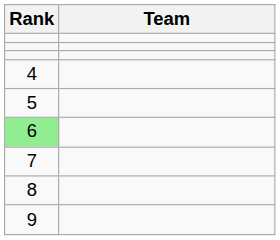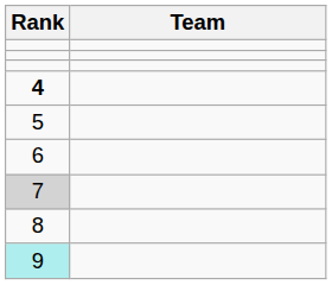 <table class="wikitable" style="text-align:center;">
 <tr>
 <th width=40>Rank</th>
 <th width=180>Team</th>
 </tr>
 <tr>
 <td></td>
 <td align=left></td>
 </tr>
 <tr USA>
 <td></td>
 <td align=left></td>
 </tr>
 <tr>
 <td></td>
 <td align=left></td>
 </tr>
 <tr>
-<td>4</td>
+<td><strong>4</strong></td>
 <td align=left></td>
 </tr>
 <tr>
 <td>5</td>
 <td align=left></td>
 </tr>
 <tr>
-<td style="background: lightgreen;">6</td>
+<td>6</td>
 <td align=left></td>
 </tr>
 <tr>
-<td>7</td>
+<td style="background: lightgrey;">7</td>
 <td align=left></td>
 </tr>
 <tr>
 <td>8</td>
 <td align=left></td>
 </tr>
 <tr>
-<td>9</td>
+<td style="background: paleturquoise;">9</td>
 <td align=left></td>
 </tr>
 </table>
